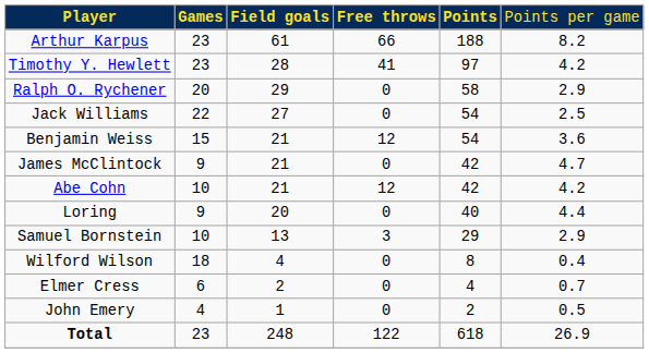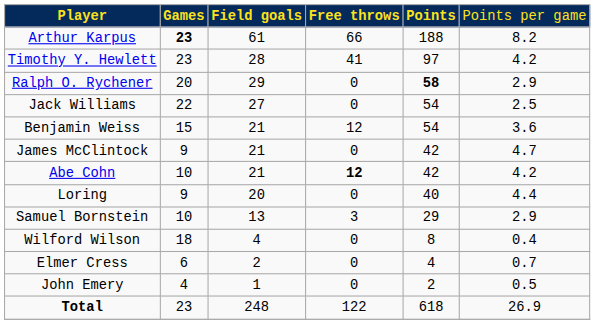 <table class="wikitable" width=" ">
 <tr align="center"  style="background:#042A5C; color:#FCE21C;">
 <td><strong>Player</strong></td>
 <td><strong>Games</strong></td>
 <td><strong>Field goals</strong></td>
 <td><strong>Free throws</strong></td>
 <td><strong>Points</strong></td>
 <td>Points per game</td>
 </tr>
 <tr align="center" bgcolor="">
 <td><a href='#'>Arthur Karpus</a></td>
-<td>23</td>
+<td><strong>23</strong></td>
 <td>61</td>
 <td>66</td>
 <td>188</td>
 <td>8.2</td>
 </tr>
 <tr align="center" bgcolor="">
 <td><a href='#'>Timothy Y. Hewlett</a></td>
 <td>23</td>
 <td>28</td>
 <td>41</td>
 <td>97</td>
 <td>4.2</td>
 </tr>
 <tr align="center" bgcolor="">
 <td><a href='#'>Ralph O. Rychener</a></td>
 <td>20</td>
 <td>29</td>
 <td>0</td>
-<td>58</td>
+<td><strong>58</strong></td>
 <td>2.9</td>
 </tr>
 <tr align="center" bgcolor="">
 <td>Jack Williams</td>
 <td>22</td>
 <td>27</td>
 <td>0</td>
 <td>54</td>
 <td>2.5</td>
 </tr>
 <tr align="center" bgcolor="">
 <td>Benjamin Weiss</td>
 <td>15</td>
 <td>21</td>
 <td>12</td>
 <td>54</td>
 <td>3.6</td>
 </tr>
 <tr align="center" bgcolor="">
 <td>James McClintock</td>
 <td>9</td>
 <td>21</td>
 <td>0</td>
 <td>42</td>
 <td>4.7</td>
 </tr>
 <tr align="center" bgcolor="">
 <td><a href='#'>Abe Cohn</a></td>
 <td>10</td>
 <td>21</td>
-<td>12</td>
+<td><strong>12</strong></td>
 <td>42</td>
 <td>4.2</td>
 </tr>
 <tr align="center" bgcolor="">
 <td>Loring</td>
 <td>9</td>
 <td>20</td>
 <td>0</td>
 <td>40</td>
 <td>4.4</td>
 </tr>
 <tr align="center" bgcolor="">
 <td>Samuel Bornstein</td>
 <td>10</td>
 <td>13</td>
 <td>3</td>
 <td>29</td>
 <td>2.9</td>
 </tr>
 <tr align="center" bgcolor="">
 <td>Wilford Wilson</td>
 <td>18</td>
 <td>4</td>
 <td>0</td>
 <td>8</td>
 <td>0.4</td>
 </tr>
 <tr align="center" bgcolor="">
 <td>Elmer Cress</td>
 <td>6</td>
 <td>2</td>
 <td>0</td>
 <td>4</td>
 <td>0.7</td>
 </tr>
 <tr align="center" bgcolor="">
 <td>John Emery</td>
 <td>4</td>
 <td>1</td>
 <td>0</td>
 <td>2</td>
 <td>0.5</td>
 </tr>
 <tr align="center" bgcolor="">
 <td><strong>Total</strong></td>
 <td>23</td>
 <td>248</td>
 <td>122</td>
 <td>618</td>
 <td>26.9</td>
 </tr>
 <tr align="center" bgcolor="">
 </tr>
 </table>
